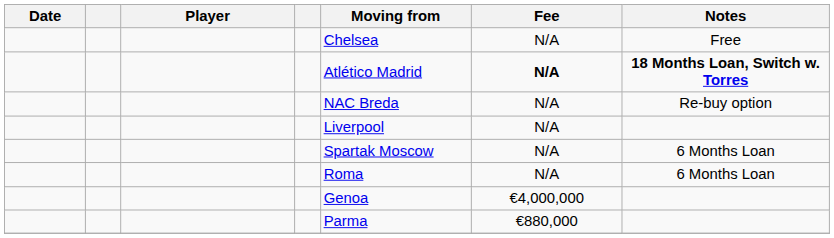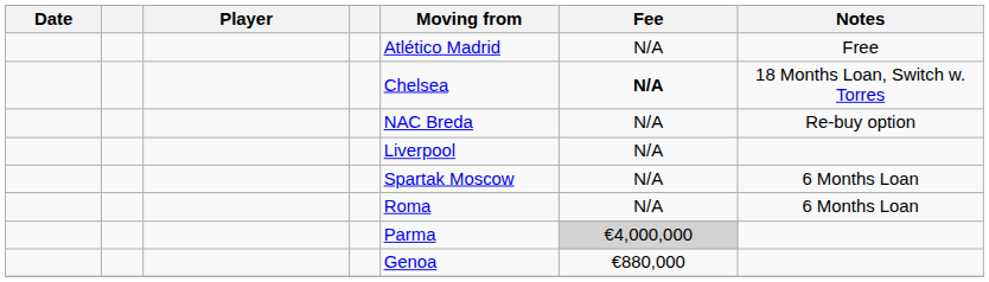 <table class="wikitable sortable">
 <tr>
 <th style="width:80px;">Date</th>
 <th style="width:30px;"></th>
 <th style="width:180px;">Player</th>
 <th style="width:20px;"></th>
 <th style="width:155px;">Moving from</th>
 <th style="width:155px;" class="unsortable">Fee</th>
 <th style="width:215px;" class="unsortable">Notes</th>
 </tr>
 <tr>
 <td></td>
 <td align=center></td>
 <td> </td>
 <td></td>
-<td> <a href='#'>Chelsea</a></td>
+<td> <a href='#'>Atlético Madrid</a></td>
 <td align=center>N/A</td>
 <td align=center>Free</td>
 </tr>
 <tr>
 <td></td>
 <td align=center></td>
 <td> </td>
 <td></td>
-<td> <a href='#'>Atlético Madrid</a></td>
+<td> <a href='#'>Chelsea</a></td>
 <td align=center><strong>N/A</strong></td>
-<td align=center><strong>18 Months Loan, Switch w. <a href='#'>Torres</a></strong></td>
+<td align=center>18 Months Loan, Switch w. <a href='#'>Torres</a></td>
 </tr>
 <tr>
 <td></td>
 <td align=center></td>
 <td> </td>
 <td></td>
 <td> <a href='#'>NAC Breda</a></td>
 <td align=center>N/A</td>
 <td align=center>Re-buy option</td>
 </tr>
 <tr>
 <td></td>
 <td align=center></td>
 <td> </td>
 <td></td>
 <td> <a href='#'>Liverpool</a></td>
 <td align=center>N/A</td>
 <td align=center></td>
 </tr>
 <tr>
 <td></td>
 <td align=center></td>
 <td> </td>
 <td></td>
 <td> <a href='#'>Spartak Moscow</a></td>
 <td align=center>N/A</td>
 <td align=center>6 Months Loan</td>
 </tr>
 <tr>
 <td></td>
 <td align=center></td>
 <td> </td>
 <td></td>
 <td> <a href='#'>Roma</a></td>
 <td align=center>N/A</td>
 <td align=center>6 Months Loan</td>
 </tr>
 <tr>
 <td></td>
 <td align=center></td>
 <td> </td>
 <td></td>
-<td> <a href='#'>Genoa</a></td>
-<td align=center>€4,000,000</td>
+<td> <a href='#'>Parma</a></td>
+<td align=center style="background: lightgrey;">€4,000,000</td>
 <td align=center></td>
 </tr>
 <tr>
 <td></td>
 <td align=center></td>
 <td> </td>
 <td></td>
-<td> <a href='#'>Parma</a></td>
+<td> <a href='#'>Genoa</a></td>
 <td align=center>€880,000</td>
 <td align=center></td>
 </tr>
 <tr>
 </tr>
 </table>
